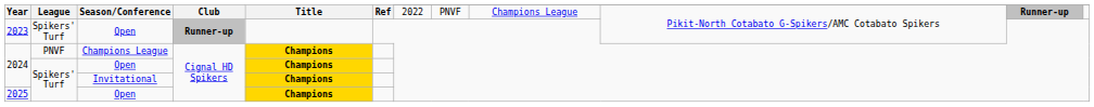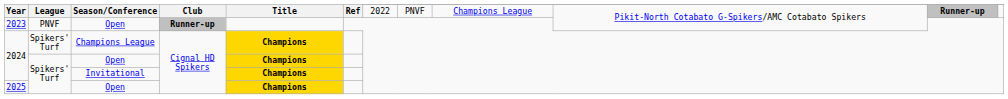 <table class="wikitable sortable" style="text-align:center" width="80%">
 <tr>
 <th style="width:5px;" rowspan="2">Year</th>
 <th style="width:25px;" rowspan="2">League</th>
 <th style="width:100px;" rowspan="2">Season/Conference</th>
 <th style="width:100px;" rowspan="2">Club</th>
 <th style="width:180px;" rowspan="2">Title</th>
 <th style="width:25px;" rowspan="2">Ref</th>
 </tr>
 <tr align=center>
 <td>2022</td>
 <td>PNVF</td>
 <td><a href='#'>Champions League</a></td>
 <td rowspan=2><a href='#'>Pikit-North Cotabato G-Spikers</a>/AMC Cotabato Spikers</td>
 <td style="background:silver;"><strong>Runner-up</strong></td>
 <td></td>
 </tr>
 <tr align=center>
 <td><a href='#'>2023</a></td>
-<td>Spikers' Turf</td>
+<td>PNVF</td>
 <td><a href='#'>Open</a></td>
 <td style="background:silver;"><strong>Runner-up</strong></td>
 <td></td>
 </tr>
 <tr align=center>
 <td rowspan=3>2024</td>
-<td>PNVF</td>
+<td>Spikers' Turf</td>
 <td><a href='#'>Champions League</a></td>
 <td rowspan=4><a href='#'>Cignal HD Spikers</a></td>
 <td style="background:gold;"><strong>Champions</strong></td>
 <td></td>
 </tr>
 <tr align=center>
 <td rowspan=3>Spikers' Turf</td>
 <td><a href='#'>Open</a></td>
 <td style="background:gold;"><strong>Champions</strong></td>
 <td></td>
 </tr>
 <tr align=center>
 <td><a href='#'>Invitational</a></td>
 <td style="background:gold;"><strong>Champions</strong></td>
 <td></td>
 </tr>
 <tr align=center>
 <td><a href='#'>2025</a></td>
 <td><a href='#'>Open</a></td>
 <td style="background:gold;"><strong>Champions</strong></td>
 <td></td>
 </tr>
 </table>
